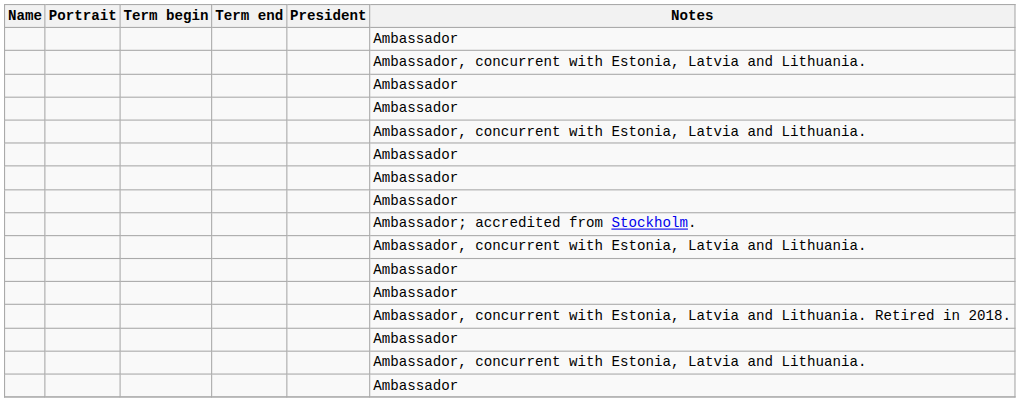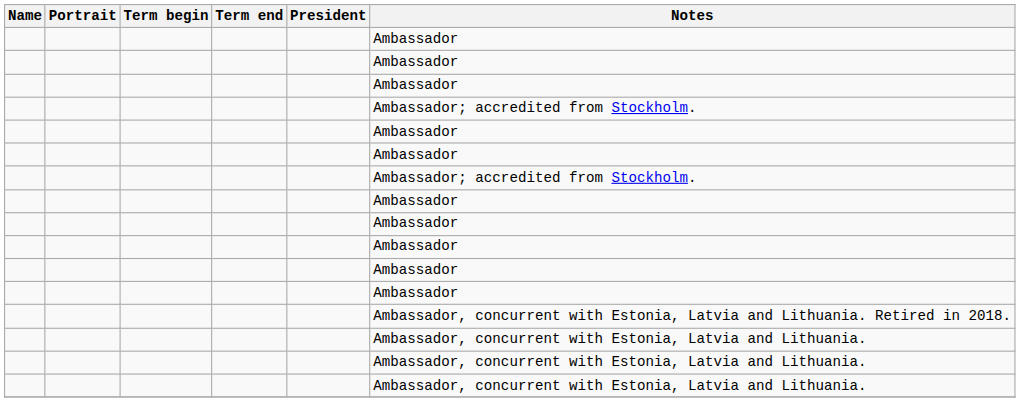 <table class="wikitable sortable"  text-align:center;">
 <tr>
 <th>Name</th>
 <th class="unsortable">Portrait</th>
 <th>Term begin</th>
 <th>Term end</th>
 <th>President</th>
 <th class="unsortable">Notes</th>
-</tr>
-<tr>
-<td></td>
-<td></td>
-<td></td>
-<td></td>
-<td></td>
-<td>Ambassador</td>
-</tr>
-<tr>
-<td></td>
-<td></td>
-<td></td>
-<td></td>
-<td></td>
-<td>Ambassador, concurrent with Estonia, Latvia and Lithuania.</td>
-</tr>
-<tr>
-<td></td>
-<td></td>
-<td></td>
-<td></td>
-<td></td>
-<td>Ambassador</td>
-</tr>
-<tr>
-<td></td>
-<td></td>
-<td></td>
-<td></td>
-<td></td>
-<td>Ambassador</td>
-</tr>
-<tr>
-<td></td>
-<td></td>
-<td></td>
-<td></td>
-<td></td>
-<td>Ambassador, concurrent with Estonia, Latvia and Lithuania.</td>
 </tr>
 <tr>
 <td></td>
 <td></td>
 <td></td>
 <td></td>
 <td></td>
 <td>Ambassador</td>
 </tr>
 <tr>
 <td></td>
 <td></td>
 <td></td>
 <td></td>
 <td></td>
 <td>Ambassador</td>
 </tr>
 <tr>
 <td></td>
 <td></td>
 <td></td>
 <td></td>
 <td></td>
 <td>Ambassador</td>
 </tr>
 <tr>
 <td></td>
 <td></td>
 <td></td>
 <td></td>
 <td></td>
 <td>Ambassador; accredited from <a href='#'>Stockholm</a>.</td>
 </tr>
 <tr>
 <td></td>
 <td></td>
 <td></td>
 <td></td>
 <td></td>
-<td>Ambassador, concurrent with Estonia, Latvia and Lithuania.</td>
+<td>Ambassador</td>
+</tr>
+<tr>
+<td></td>
+<td></td>
+<td></td>
+<td></td>
+<td></td>
+<td>Ambassador</td>
+</tr>
+<tr>
+<td></td>
+<td></td>
+<td></td>
+<td></td>
+<td></td>
+<td>Ambassador; accredited from <a href='#'>Stockholm</a>.</td>
+</tr>
+<tr>
+<td></td>
+<td></td>
+<td></td>
+<td></td>
+<td></td>
+<td>Ambassador</td>
+</tr>
+<tr>
+<td></td>
+<td></td>
+<td></td>
+<td></td>
+<td></td>
+<td>Ambassador</td>
+</tr>
+<tr>
+<td></td>
+<td></td>
+<td></td>
+<td></td>
+<td></td>
+<td>Ambassador</td>
 </tr>
 <tr>
 <td></td>
 <td></td>
 <td></td>
 <td></td>
 <td></td>
 <td>Ambassador</td>
 </tr>
 <tr>
 <td></td>
 <td></td>
 <td></td>
 <td></td>
 <td></td>
 <td>Ambassador</td>
 </tr>
 <tr>
 <td></td>
 <td></td>
 <td></td>
 <td></td>
 <td></td>
 <td>Ambassador, concurrent with Estonia, Latvia and Lithuania. Retired in 2018.</td>
 </tr>
 <tr>
 <td></td>
 <td></td>
 <td></td>
 <td></td>
 <td></td>
-<td>Ambassador</td>
+<td>Ambassador, concurrent with Estonia, Latvia and Lithuania.</td>
 </tr>
 <tr>
 <td></td>
 <td></td>
 <td></td>
 <td></td>
 <td></td>
 <td>Ambassador, concurrent with Estonia, Latvia and Lithuania.</td>
 </tr>
 <tr>
 <td></td>
 <td></td>
 <td></td>
 <td></td>
 <td></td>
-<td>Ambassador</td>
+<td>Ambassador, concurrent with Estonia, Latvia and Lithuania.</td>
 </tr>
 <tr>
 </tr>
 </table>
